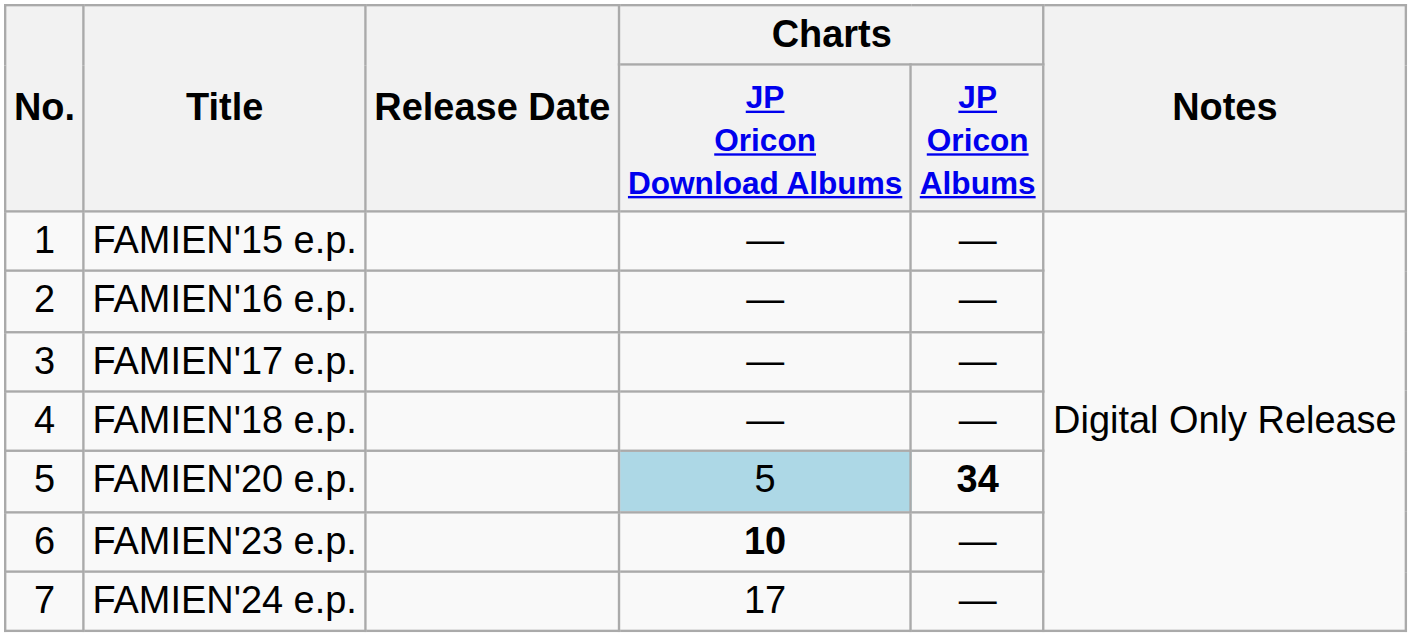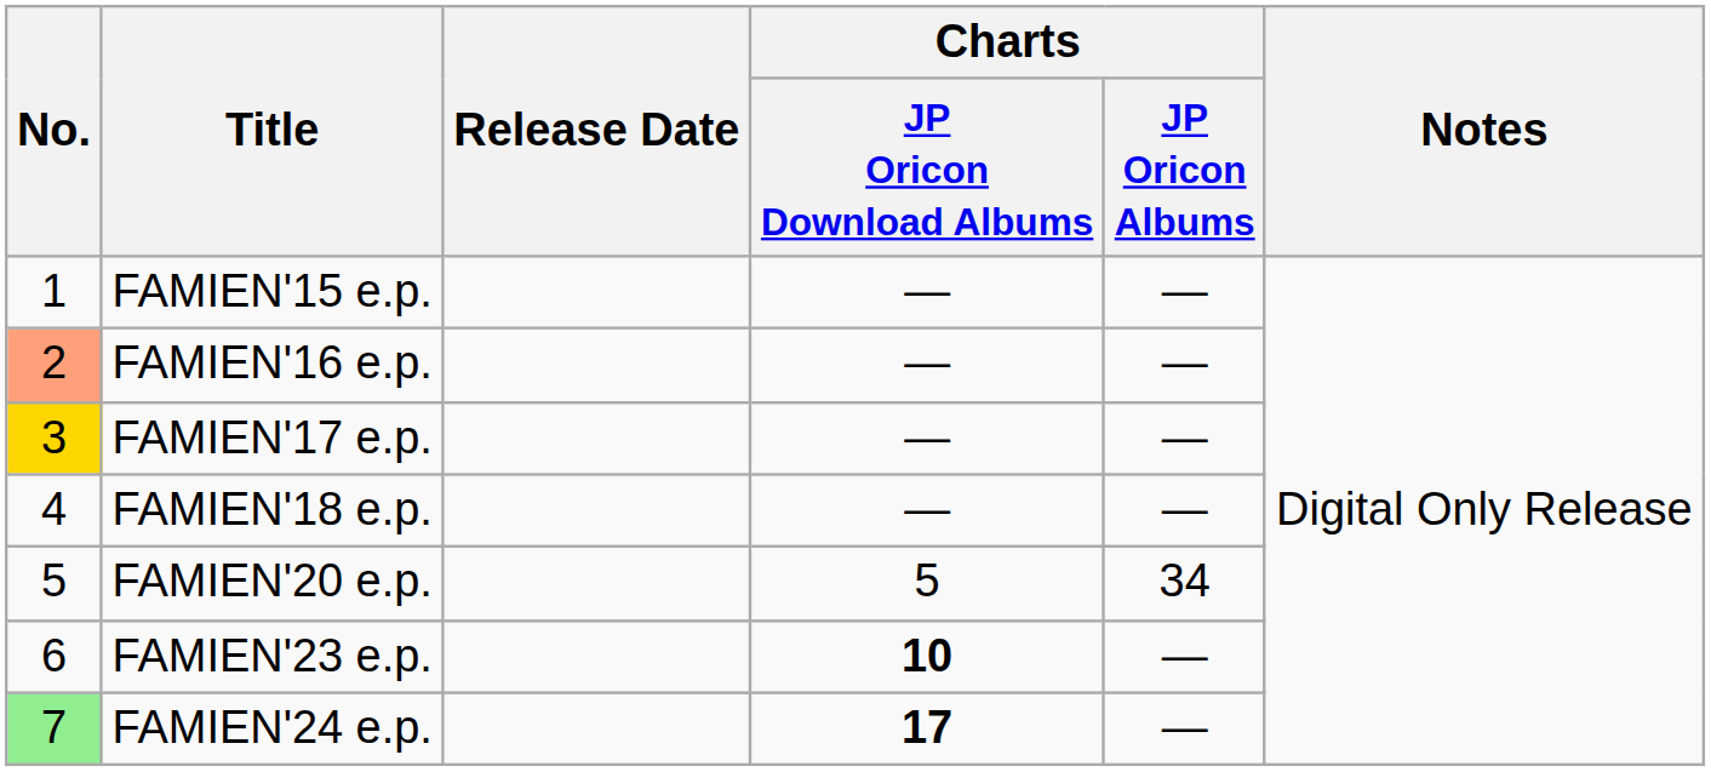 <table class="wikitable" style="text-align:center; font-size:;">
 <tr>
 <th rowspan="2">No.</th>
 <th rowspan="2">Title</th>
 <th rowspan="2">Release Date</th>
 <th colspan="2">Charts</th>
 <th rowspan="2">Notes</th>
 </tr>
 <tr>
 <th><small><a href='#'>JP<br>Oricon<br>Download Albums</a></small></th>
 <th><small><a href='#'>JP<br>Oricon<br>Albums</a></small></th>
 </tr>
 <tr>
 <td>1</td>
 <td>FAMIEN'15 e.p.</td>
 <td></td>
 <td>—</td>
 <td>—</td>
 <td rowspan="7">Digital Only Release</td>
 </tr>
 <tr>
-<td>2</td>
+<td style="background: lightsalmon;">2</td>
 <td>FAMIEN'16 e.p.</td>
 <td></td>
 <td>—</td>
 <td>—</td>
 </tr>
 <tr>
-<td>3</td>
+<td style="background: gold;">3</td>
 <td>FAMIEN'17 e.p.</td>
 <td></td>
 <td>—</td>
 <td>—</td>
 </tr>
 <tr>
 <td>4</td>
 <td>FAMIEN'18 e.p.</td>
 <td></td>
 <td>—</td>
 <td>—</td>
 </tr>
 <tr>
 <td>5</td>
 <td>FAMIEN'20 e.p.</td>
 <td></td>
-<td style="background: lightblue;">5</td>
-<td><strong>34</strong></td>
+<td>5</td>
+<td>34</td>
 </tr>
 <tr>
 <td>6</td>
 <td>FAMIEN'23 e.p.</td>
 <td></td>
 <td><strong>10</strong></td>
 <td>—</td>
 </tr>
 <tr>
-<td>7</td>
+<td style="background: lightgreen;">7</td>
 <td>FAMIEN'24 e.p.</td>
 <td></td>
-<td>17</td>
+<td><strong>17</strong></td>
 <td>—</td>
 </tr>
 </table>
